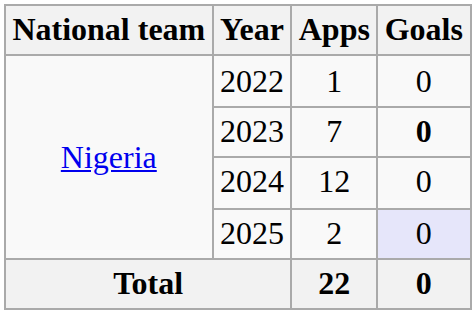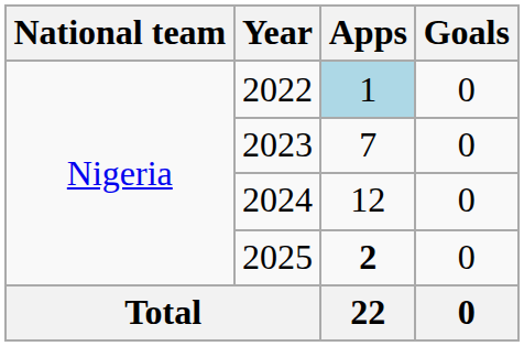 <table class="wikitable" style="text-align:center">
 <tr>
 <th>National team</th>
 <th>Year</th>
 <th>Apps</th>
 <th>Goals</th>
 </tr>
 <tr>
 <td rowspan="4"><a href='#'>Nigeria</a></td>
 <td>2022</td>
-<td>1</td>
+<td style="background: lightblue;">1</td>
 <td>0</td>
 </tr>
 <tr>
 <td>2023</td>
 <td>7</td>
-<td><strong>0</strong></td>
+<td>0</td>
 </tr>
 <tr>
 <td>2024</td>
 <td>12</td>
 <td>0</td>
 </tr>
 <tr>
 <td>2025</td>
-<td>2</td>
-<td style="background: lavender;">0</td>
+<td><strong>2</strong></td>
+<td>0</td>
 </tr>
 <tr>
 <th colspan="2">Total</th>
 <th>22</th>
 <th>0</th>
 </tr>
 </table>
